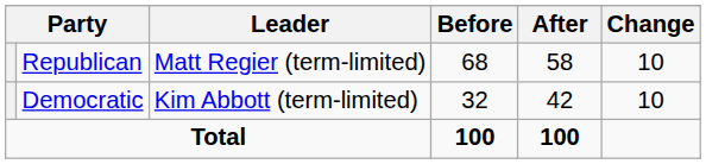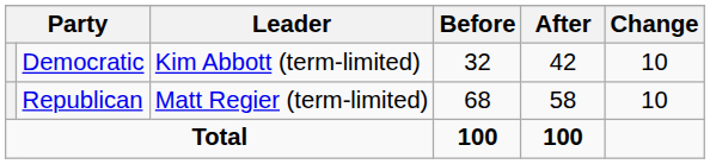 <table class="wikitable" style="text-align:center;">
 <tr>
 </tr>
 <tr>
 <th colspan="2">Party</th>
 <th>Leader</th>
 <th style="width:3em">Before</th>
 <th style="width:3em">After</th>
 <th style="width:3em">Change</th>
 </tr>
 <tr>
 <th style="background-color:"></th>
+<td style="text-align:left;"><a href='#'>Democratic</a></td>
+<td style="text-align:left;"><a href='#'>Kim Abbott</a> (term-limited)</td>
+<td>32</td>
+<td>42</td>
+<td> 10</td>
+</tr>
+<tr>
+<th style="background-color:"></th>
 <td style="text-align:left;"><a href='#'>Republican</a></td>
 <td style="text-align:left;"><a href='#'>Matt Regier</a> (term-limited)</td>
 <td>68</td>
 <td>58</td>
-<td> 10</td>
-</tr>
-<tr>
-<th style="background-color:"></th>
-<td style="text-align:left;"><a href='#'>Democratic</a></td>
-<td style="text-align:left;"><a href='#'>Kim Abbott</a> (term-limited)</td>
-<td>32</td>
-<td>42</td>
 <td> 10</td>
 </tr>
 <tr>
 <td colspan="3"><strong>Total</strong></td>
 <td><strong>100</strong></td>
 <td><strong>100</strong></td>
 <td></td>
 </tr>
 </table>
